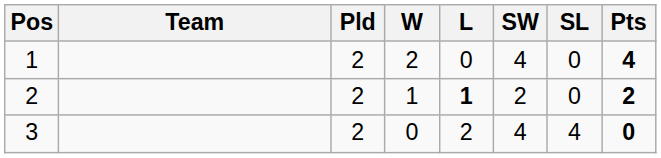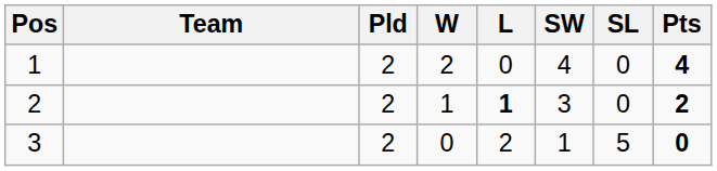 <table class="wikitable" style="text-align: center;">
 <tr>
 <th width="30">Pos</th>
 <th width="180">Team</th>
 <th width="30">Pld</th>
 <th width="30">W</th>
 <th width="30">L</th>
 <th width="30">SW</th>
 <th width="30">SL</th>
 <th width="30">Pts</th>
 </tr>
 <tr>
 <td>1</td>
 <td align="left"></td>
 <td>2</td>
 <td>2</td>
 <td>0</td>
 <td>4</td>
 <td>0</td>
 <td><strong>4</strong></td>
 </tr>
 <tr>
 <td>2</td>
 <td align="left"></td>
 <td>2</td>
 <td>1</td>
 <td><strong>1</strong></td>
-<td>2</td>
+<td>3</td>
 <td>0</td>
 <td><strong>2</strong></td>
 </tr>
 <tr>
 <td>3</td>
 <td align="left"></td>
 <td>2</td>
 <td>0</td>
 <td>2</td>
-<td>4</td>
-<td>4</td>
+<td>1</td>
+<td>5</td>
 <td><strong>0</strong></td>
 </tr>
 </table>
